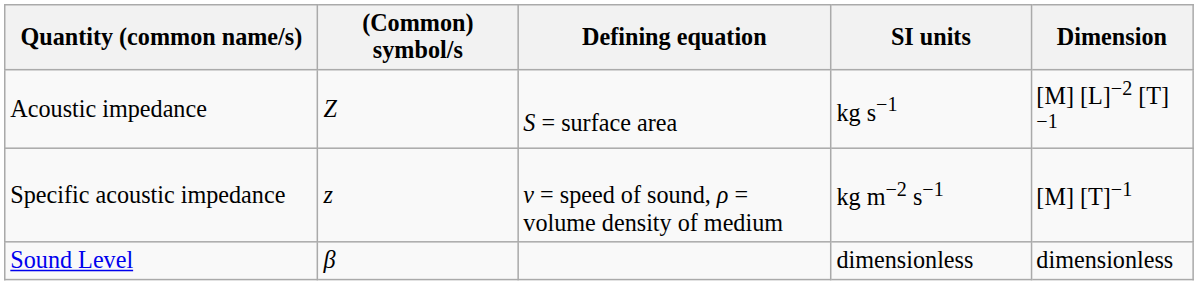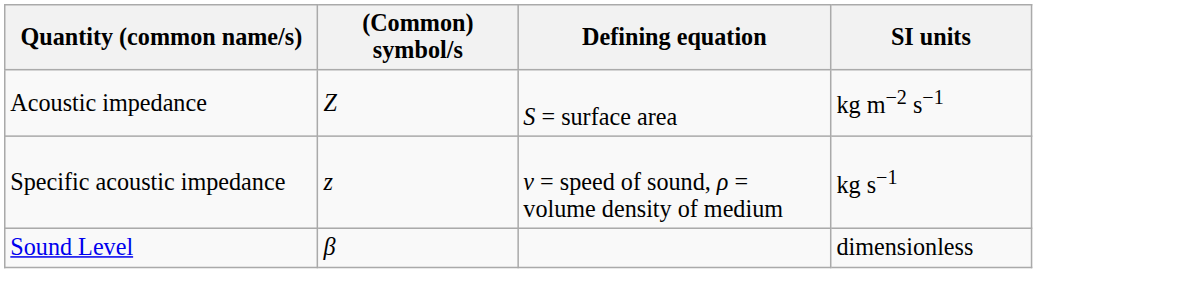 <table class="wikitable">
 <tr>
 <th scope="col" style="width:200px;">Quantity (common name/s)</th>
 <th scope="col" style="width:125px;">(Common) symbol/s</th>
 <th scope="col" style="width:200px;">Defining equation</th>
 <th scope="col" style="width:125px;">SI units</th>
-<th scope="col" style="width:100px;">Dimension</th>
 </tr>
 <tr>
 <td>Acoustic impedance</td>
 <td><em>Z</em></td>
 <td><br><em>S</em> = surface area</td>
-<td>kg s<sup>−1</sup></td>
-<td>[M] [L]<sup>−2</sup> [T]<sup>−1</sup></td>
+<td>kg m<sup>−2</sup> s<sup>−1</sup></td>
 </tr>
 <tr>
 <td>Specific acoustic impedance</td>
 <td><em>z</em></td>
 <td><br><em>v</em> = speed of sound, <em>ρ</em> = volume density of medium</td>
-<td>kg m<sup>−2</sup> s<sup>−1</sup></td>
-<td>[M] [T]<sup>−1</sup></td>
+<td>kg s<sup>−1</sup></td>
 </tr>
 <tr>
 <td><a href='#'>Sound Level</a></td>
 <td><em>β</em></td>
 <td></td>
 <td>dimensionless</td>
-<td>dimensionless</td>
 </tr>
 </table>
